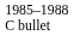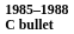 <table style="width:80px;">
 <tr>
 <td></td>
 </tr>
 <tr>
-<td><div>1985–1988 C bullet</div></td>
+<td><strong><div>1985–1988 C bullet</div></strong></td>
 </tr>
 </table>
